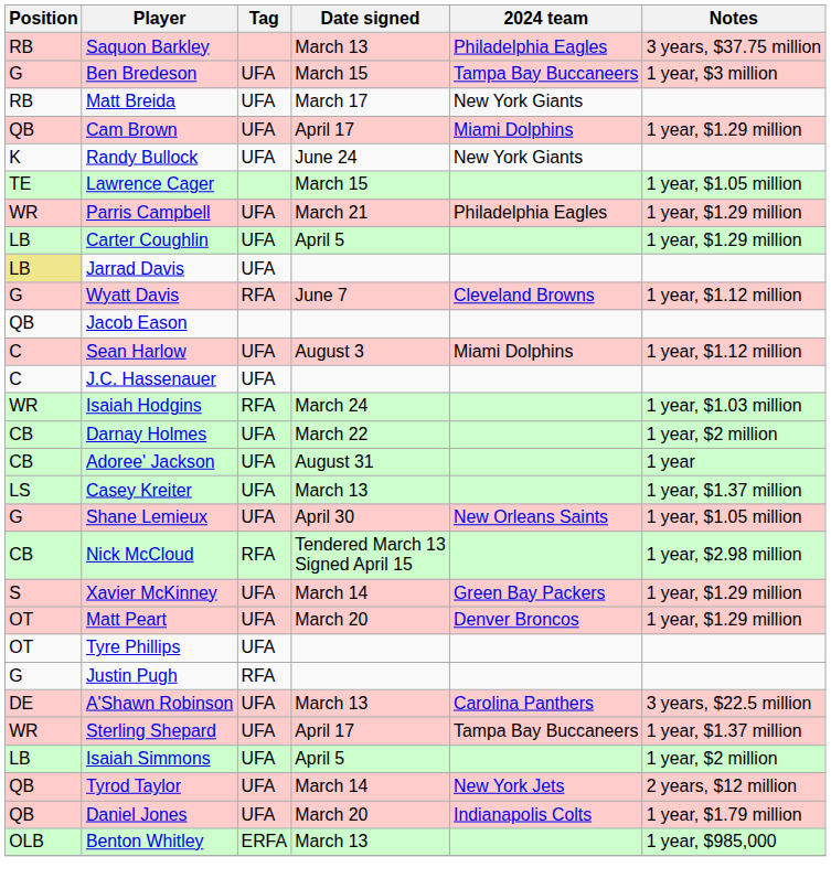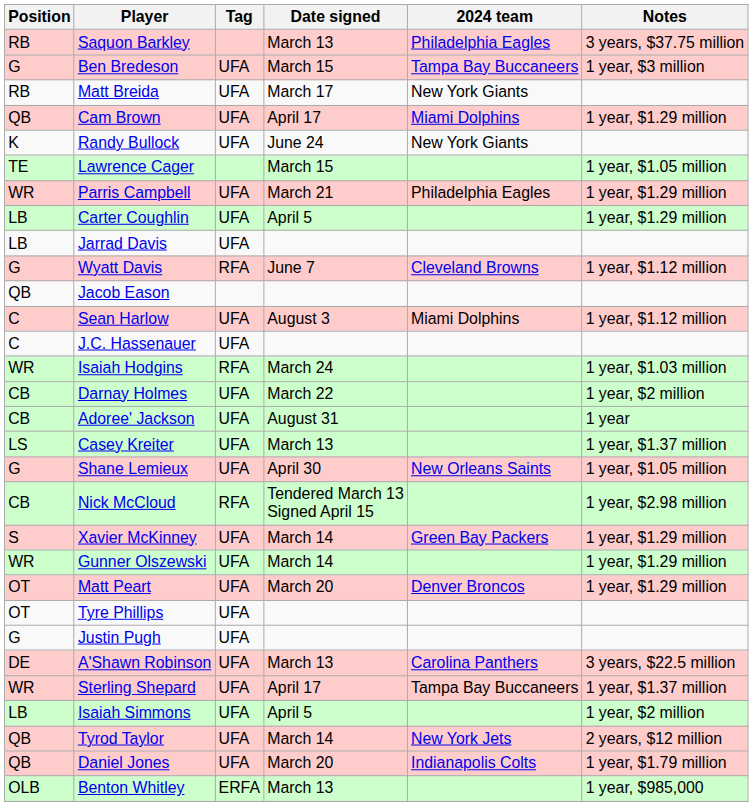 <table class="wikitable">
 <tr>
 <th>Position</th>
 <th>Player</th>
 <th>Tag</th>
 <th>Date signed</th>
 <th>2024 team</th>
 <th>Notes</th>
 </tr>
 <tr bgcolor="#ffcccc">
 <td>RB</td>
 <td><a href='#'>Saquon Barkley</a></td>
 <td></td>
 <td>March 13</td>
 <td><a href='#'>Philadelphia Eagles</a></td>
 <td>3 years, $37.75 million</td>
 </tr>
 <tr bgcolor="#ffcccc">
 <td>G</td>
 <td><a href='#'>Ben Bredeson</a></td>
 <td>UFA</td>
 <td>March 15</td>
 <td><a href='#'>Tampa Bay Buccaneers</a></td>
 <td>1 year, $3 million</td>
 </tr>
 <tr>
 <td>RB</td>
 <td><a href='#'>Matt Breida</a></td>
 <td>UFA</td>
 <td>March 17</td>
 <td>New York Giants</td>
 <td></td>
 </tr>
 <tr bgcolor="#ffcccc">
 <td>QB</td>
 <td><a href='#'>Cam Brown</a></td>
 <td>UFA</td>
 <td>April 17</td>
 <td><a href='#'>Miami Dolphins</a></td>
 <td>1 year, $1.29 million</td>
 </tr>
 <tr>
 <td>K</td>
 <td><a href='#'>Randy Bullock</a></td>
 <td>UFA</td>
 <td>June 24</td>
 <td>New York Giants</td>
 <td></td>
 </tr>
 <tr bgcolor="#ccffcc">
 <td>TE</td>
 <td><a href='#'>Lawrence Cager</a></td>
 <td></td>
 <td>March 15</td>
 <td></td>
 <td>1 year, $1.05 million</td>
 </tr>
 <tr bgcolor="#ffcccc">
 <td>WR</td>
 <td><a href='#'>Parris Campbell</a></td>
 <td>UFA</td>
 <td>March 21</td>
 <td>Philadelphia Eagles</td>
 <td>1 year, $1.29 million</td>
 </tr>
 <tr bgcolor="#ccffcc">
 <td>LB</td>
 <td><a href='#'>Carter Coughlin</a></td>
 <td>UFA</td>
 <td>April 5</td>
 <td></td>
 <td>1 year, $1.29 million</td>
 </tr>
 <tr>
-<td style="background: khaki;">LB</td>
+<td>LB</td>
 <td><a href='#'>Jarrad Davis</a></td>
 <td>UFA</td>
 <td></td>
 <td></td>
 <td></td>
 </tr>
 <tr bgcolor="#ffcccc">
 <td>G</td>
 <td><a href='#'>Wyatt Davis</a></td>
 <td>RFA</td>
 <td>June 7</td>
 <td><a href='#'>Cleveland Browns</a></td>
 <td>1 year, $1.12 million</td>
 </tr>
 <tr>
 <td>QB</td>
 <td><a href='#'>Jacob Eason</a></td>
 <td></td>
 <td></td>
 <td></td>
 <td></td>
 </tr>
 <tr bgcolor="#ffcccc">
 <td>C</td>
 <td><a href='#'>Sean Harlow</a></td>
 <td>UFA</td>
 <td>August 3</td>
 <td>Miami Dolphins</td>
 <td>1 year, $1.12 million</td>
 </tr>
 <tr>
 <td>C</td>
 <td><a href='#'>J.C. Hassenauer</a></td>
 <td>UFA</td>
 <td></td>
 <td></td>
 <td></td>
 </tr>
 <tr bgcolor="#ccffcc">
 <td>WR</td>
 <td><a href='#'>Isaiah Hodgins</a></td>
 <td>RFA</td>
 <td>March 24</td>
 <td></td>
 <td>1 year, $1.03 million</td>
 </tr>
 <tr bgcolor="#ccffcc">
 <td>CB</td>
 <td><a href='#'>Darnay Holmes</a></td>
 <td>UFA</td>
 <td>March 22</td>
 <td></td>
 <td>1 year, $2 million</td>
 </tr>
 <tr bgcolor="#ccffcc">
 <td>CB</td>
 <td><a href='#'>Adoree' Jackson</a></td>
 <td>UFA</td>
 <td>August 31</td>
 <td></td>
 <td>1 year</td>
 </tr>
 <tr bgcolor="#ccffcc">
 <td>LS</td>
 <td><a href='#'>Casey Kreiter</a></td>
 <td>UFA</td>
 <td>March 13</td>
 <td></td>
 <td>1 year, $1.37 million</td>
 </tr>
 <tr bgcolor="#ffcccc">
 <td>G</td>
 <td><a href='#'>Shane Lemieux</a></td>
 <td>UFA</td>
 <td>April 30</td>
 <td><a href='#'>New Orleans Saints</a></td>
 <td>1 year, $1.05 million</td>
 </tr>
 <tr bgcolor="#ccffcc">
 <td>CB</td>
 <td><a href='#'>Nick McCloud</a></td>
 <td>RFA</td>
 <td>Tendered March 13<br>Signed April 15</td>
 <td></td>
 <td>1 year, $2.98 million</td>
 </tr>
 <tr bgcolor="#ffcccc">
 <td>S</td>
 <td><a href='#'>Xavier McKinney</a></td>
 <td>UFA</td>
 <td>March 14</td>
 <td><a href='#'>Green Bay Packers</a></td>
 <td>1 year, $1.29 million</td>
 </tr>
+<tr bgcolor="#ccffcc">
+<td>WR</td>
+<td><a href='#'>Gunner Olszewski</a></td>
+<td>UFA</td>
+<td>March 14</td>
+<td></td>
+<td>1 year, $1.29 million</td>
+</tr>
 <tr bgcolor="#ffcccc">
 <td>OT</td>
 <td><a href='#'>Matt Peart</a></td>
 <td>UFA</td>
 <td>March 20</td>
 <td><a href='#'>Denver Broncos</a></td>
 <td>1 year, $1.29 million</td>
 </tr>
 <tr>
 <td>OT</td>
 <td><a href='#'>Tyre Phillips</a></td>
 <td>UFA</td>
 <td></td>
 <td></td>
 <td></td>
 </tr>
 <tr>
 <td>G</td>
 <td><a href='#'>Justin Pugh</a></td>
-<td>RFA</td>
+<td>UFA</td>
 <td></td>
 <td></td>
 <td></td>
 </tr>
 <tr bgcolor="#ffcccc">
 <td>DE</td>
 <td><a href='#'>A'Shawn Robinson</a></td>
 <td>UFA</td>
 <td>March 13</td>
 <td><a href='#'>Carolina Panthers</a></td>
 <td>3 years, $22.5 million</td>
 </tr>
 <tr bgcolor="#ffcccc">
 <td>WR</td>
 <td><a href='#'>Sterling Shepard</a></td>
 <td>UFA</td>
 <td>April 17</td>
 <td>Tampa Bay Buccaneers</td>
 <td>1 year, $1.37 million</td>
 </tr>
 <tr bgcolor="#ccffcc">
 <td>LB</td>
 <td><a href='#'>Isaiah Simmons</a></td>
 <td>UFA</td>
 <td>April 5</td>
 <td></td>
 <td>1 year, $2 million</td>
 </tr>
 <tr bgcolor="#ffcccc">
 <td>QB</td>
 <td><a href='#'>Tyrod Taylor</a></td>
 <td>UFA</td>
 <td>March 14</td>
 <td><a href='#'>New York Jets</a></td>
 <td>2 years, $12 million</td>
 </tr>
 <tr bgcolor="#ffcccc">
 <td>QB</td>
 <td><a href='#'>Daniel Jones</a></td>
 <td>UFA</td>
 <td>March 20</td>
 <td><a href='#'>Indianapolis Colts</a></td>
 <td>1 year, $1.79 million</td>
 </tr>
 <tr bgcolor="#ccffcc">
 <td>OLB</td>
 <td><a href='#'>Benton Whitley</a></td>
 <td>ERFA</td>
 <td>March 13</td>
 <td></td>
 <td>1 year, $985,000</td>
 </tr>
 <tr>
 </tr>
 </table>
